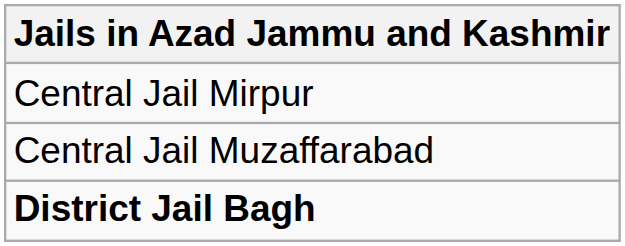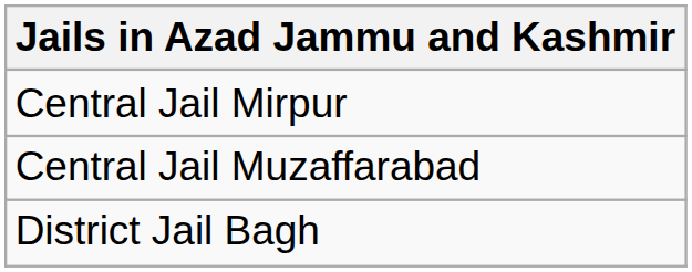 <table class="wikitable">
 <tr>
 <th>Jails in Azad Jammu and Kashmir</th>
 </tr>
 <tr>
 <td>Central Jail Mirpur</td>
 </tr>
 <tr>
 <td>Central Jail Muzaffarabad</td>
 </tr>
 <tr>
-<td><strong>District Jail Bagh</strong></td>
+<td>District Jail Bagh</td>
 </tr>
 </table>
